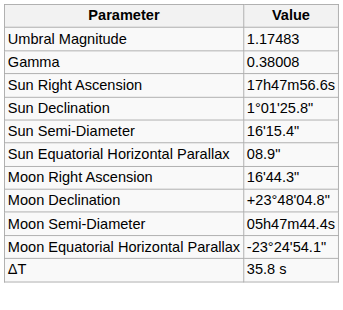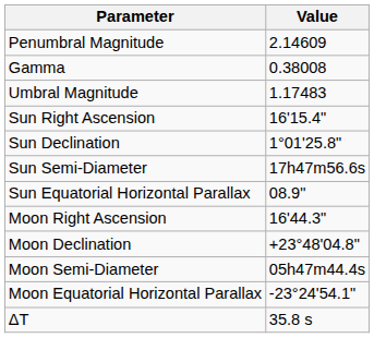 <table class="wikitable">
 <tr>
 <th>Parameter</th>
 <th>Value</th>
 </tr>
 <tr>
-<td>Umbral Magnitude</td>
-<td>1.17483</td>
+<td>Penumbral Magnitude</td>
+<td>2.14609</td>
 </tr>
 <tr>
 <td>Gamma</td>
 <td>0.38008</td>
 </tr>
 <tr>
+<td>Umbral Magnitude</td>
+<td>1.17483</td>
+</tr>
+<tr>
 <td>Sun Right Ascension</td>
-<td>17h47m56.6s</td>
+<td>16'15.4"</td>
 </tr>
 <tr>
 <td>Sun Declination</td>
 <td>1°01'25.8"</td>
 </tr>
 <tr>
 <td>Sun Semi-Diameter</td>
-<td>16'15.4"</td>
+<td>17h47m56.6s</td>
 </tr>
 <tr>
 <td>Sun Equatorial Horizontal Parallax</td>
 <td>08.9"</td>
 </tr>
 <tr>
 <td>Moon Right Ascension</td>
 <td>16'44.3"</td>
 </tr>
 <tr>
 <td>Moon Declination</td>
 <td>+23°48'04.8"</td>
 </tr>
 <tr>
 <td>Moon Semi-Diameter</td>
 <td>05h47m44.4s</td>
 </tr>
 <tr>
 <td>Moon Equatorial Horizontal Parallax</td>
 <td>-23°24'54.1"</td>
 </tr>
 <tr>
 <td>ΔT</td>
 <td>35.8 s</td>
 </tr>
 </table>
